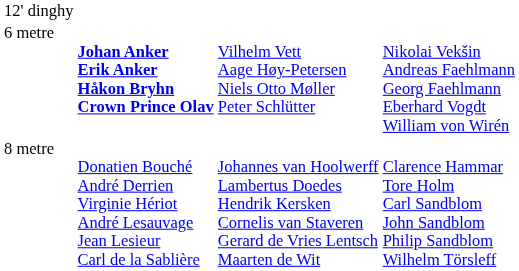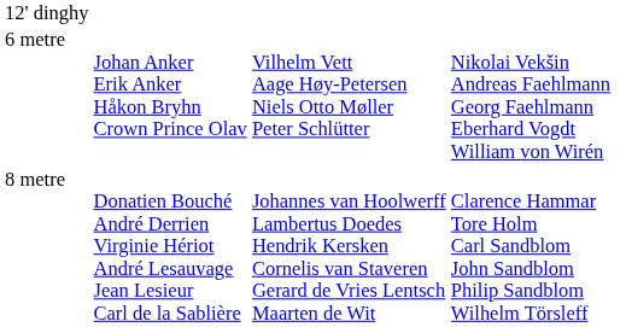 <table>
 <tr>
 <td>12' dinghy<br></td>
 <td></td>
 <td></td>
 <td></td>
 </tr>
 <tr valign="top">
 <td>6 metre<br></td>
-<td><strong><br><a href='#'>Johan Anker</a><br><a href='#'>Erik Anker</a><br><a href='#'>Håkon Bryhn</a><br><a href='#'>Crown Prince Olav</a></strong></td>
+<td><br><a href='#'>Johan Anker</a><br><a href='#'>Erik Anker</a><br><a href='#'>Håkon Bryhn</a><br><a href='#'>Crown Prince Olav</a></td>
 <td><br><a href='#'>Vilhelm Vett</a><br><a href='#'>Aage Høy-Petersen</a><br><a href='#'>Niels Otto Møller</a><br><a href='#'>Peter Schlütter</a></td>
 <td><br><a href='#'>Nikolai Vekšin</a><br><a href='#'>Andreas Faehlmann</a><br><a href='#'>Georg Faehlmann</a><br><a href='#'>Eberhard Vogdt</a><br><a href='#'>William von Wirén</a></td>
 </tr>
 <tr valign="top">
 <td>8 metre<br></td>
 <td><br><a href='#'>Donatien Bouché</a><br><a href='#'>André Derrien</a><br><a href='#'>Virginie Hériot</a><br><a href='#'>André Lesauvage</a><br><a href='#'>Jean Lesieur</a><br><a href='#'>Carl de la Sablière</a></td>
 <td><br><a href='#'>Johannes van Hoolwerff</a><br><a href='#'>Lambertus Doedes</a><br><a href='#'>Hendrik Kersken</a><br><a href='#'>Cornelis van Staveren</a><br><a href='#'>Gerard de Vries Lentsch</a><br><a href='#'>Maarten de Wit</a></td>
 <td><br><a href='#'>Clarence Hammar</a><br><a href='#'>Tore Holm</a><br><a href='#'>Carl Sandblom</a><br><a href='#'>John Sandblom</a><br><a href='#'>Philip Sandblom</a><br><a href='#'>Wilhelm Törsleff</a></td>
 </tr>
 </table>
